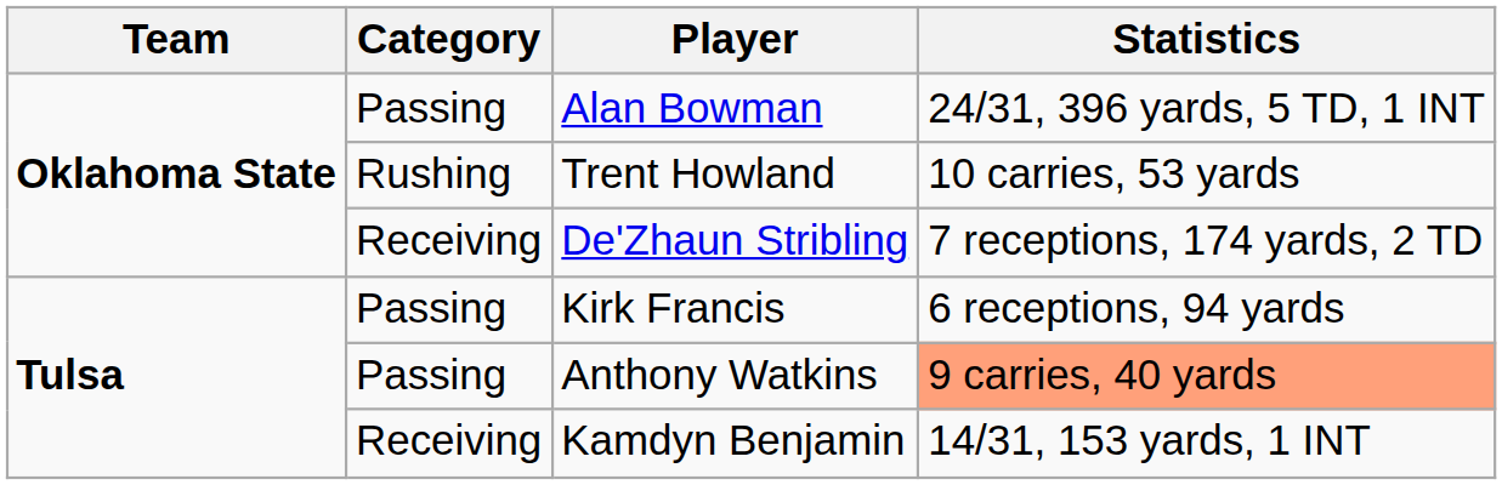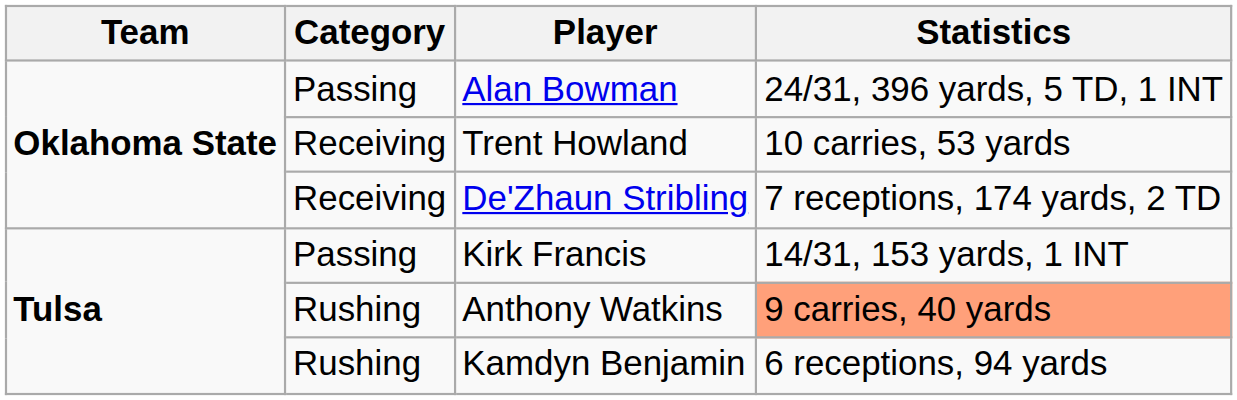 <table class="wikitable" style="float: right;">
 <tr>
 <th>Team</th>
 <th>Category</th>
 <th>Player</th>
 <th>Statistics</th>
 </tr>
 <tr>
 <td rowspan=3><strong>Oklahoma State</strong></td>
 <td>Passing</td>
 <td><a href='#'>Alan Bowman</a></td>
 <td>24/31, 396 yards, 5 TD, 1 INT</td>
 </tr>
 <tr>
-<td>Rushing</td>
+<td>Receiving</td>
 <td>Trent Howland</td>
 <td>10 carries, 53 yards</td>
 </tr>
 <tr>
 <td>Receiving</td>
 <td><a href='#'>De'Zhaun Stribling</a></td>
 <td>7 receptions, 174 yards, 2 TD</td>
 </tr>
 <tr>
 <td rowspan=3><strong>Tulsa</strong></td>
 <td>Passing</td>
 <td>Kirk Francis</td>
-<td>6 receptions, 94 yards</td>
+<td>14/31, 153 yards, 1 INT</td>
 </tr>
 <tr>
-<td>Passing</td>
+<td>Rushing</td>
 <td>Anthony Watkins</td>
 <td style="background: lightsalmon;">9 carries, 40 yards</td>
 </tr>
 <tr>
-<td>Receiving</td>
+<td>Rushing</td>
 <td>Kamdyn Benjamin</td>
-<td>14/31, 153 yards, 1 INT</td>
+<td>6 receptions, 94 yards</td>
 </tr>
 </table>
